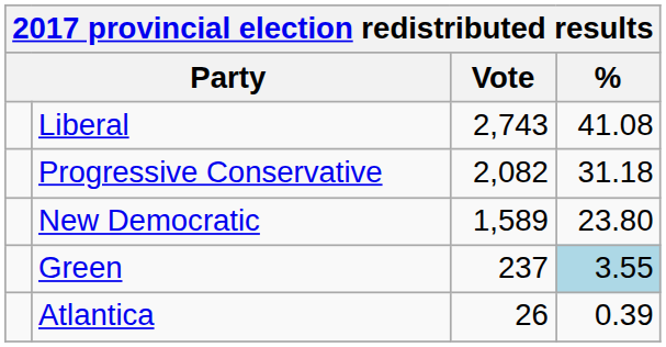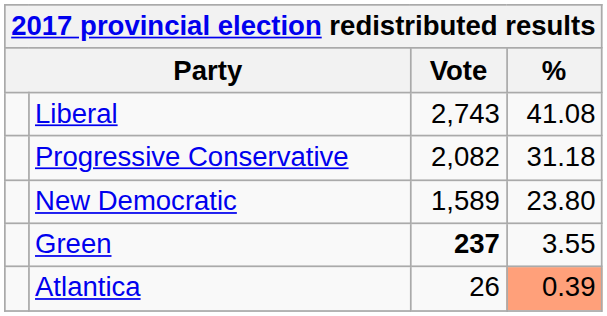 <table class="wikitable">
 <tr>
 <th colspan="4"><a href='#'>2017 provincial election</a> redistributed results</th>
 </tr>
 <tr>
 <th colspan="2">Party</th>
 <th>Vote</th>
 <th>%</th>
 </tr>
 <tr>
 <td> </td>
 <td><a href='#'>Liberal</a></td>
 <td align=right>2,743</td>
 <td align=right>41.08</td>
 </tr>
 <tr>
 <td> </td>
 <td><a href='#'>Progressive Conservative</a></td>
 <td align=right>2,082</td>
 <td align=right>31.18</td>
 </tr>
 <tr>
 <td> </td>
 <td><a href='#'>New Democratic</a></td>
 <td align=right>1,589</td>
 <td align=right>23.80</td>
 </tr>
 <tr>
 <td> </td>
 <td><a href='#'>Green</a></td>
-<td align=right>237</td>
-<td align=right style="background: lightblue;">3.55</td>
+<td align=right><strong>237</strong></td>
+<td align=right>3.55</td>
 </tr>
 <tr>
 <td> </td>
 <td><a href='#'>Atlantica</a></td>
 <td align=right>26</td>
-<td align=right>0.39</td>
+<td align=right style="background: lightsalmon;">0.39</td>
 </tr>
 </table>
